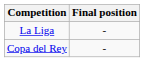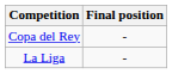 <table class="wikitable" style="font-size:100%; text-align:center">
 <tr>
 <th>Competition</th>
 <th>Final position</th>
 </tr>
 <tr style="background:">
+<td><a href='#'>Copa del Rey</a></td>
+<td>-</td>
+</tr>
+<tr style="background:">
 <td><a href='#'>La Liga</a></td>
 <td>-</td>
 </tr>
-<tr style="background:">
-<td><a href='#'>Copa del Rey</a></td>
-<td>-</td>
-</tr>
 </table>
